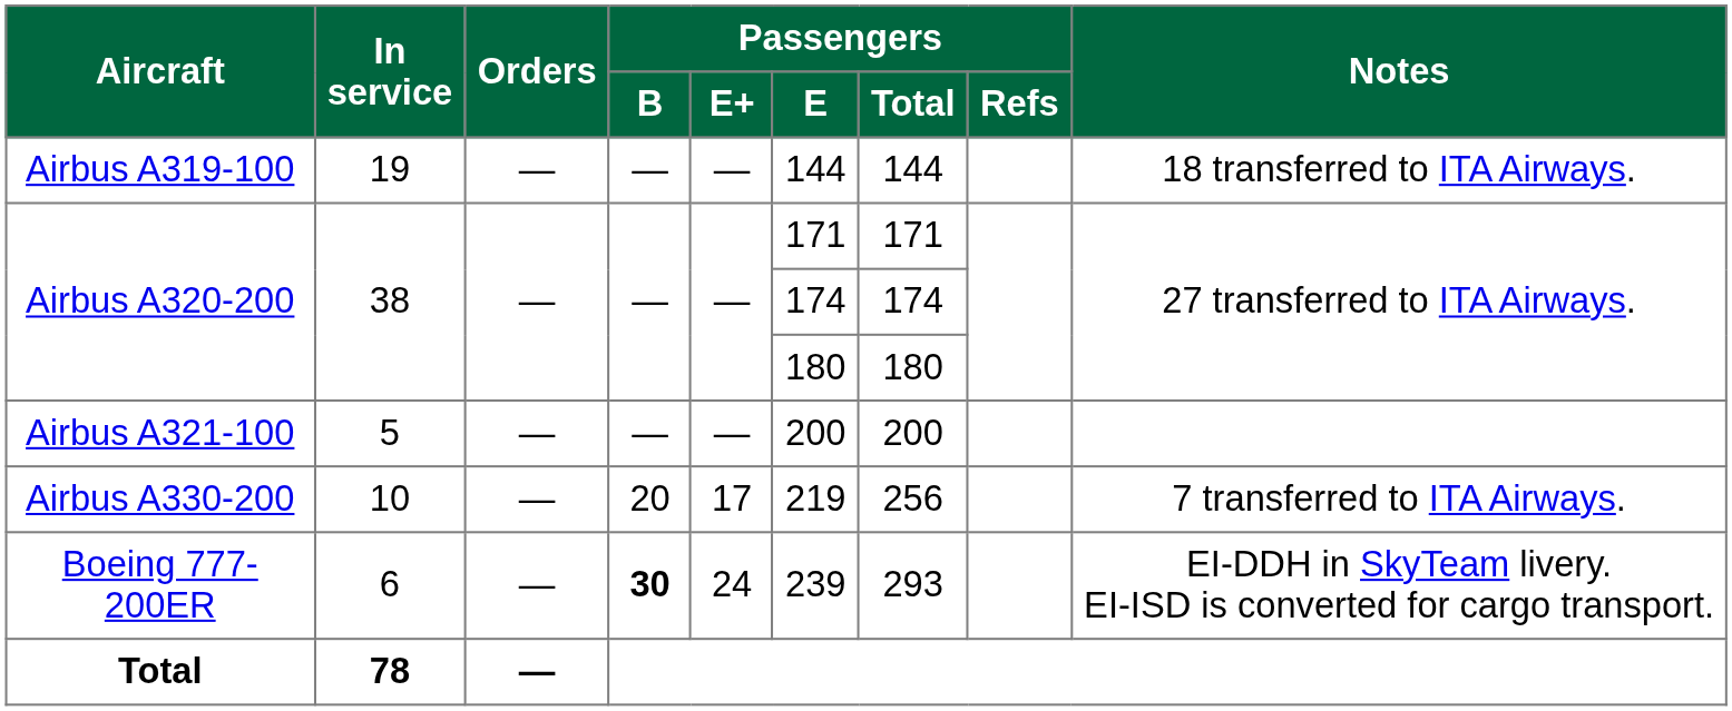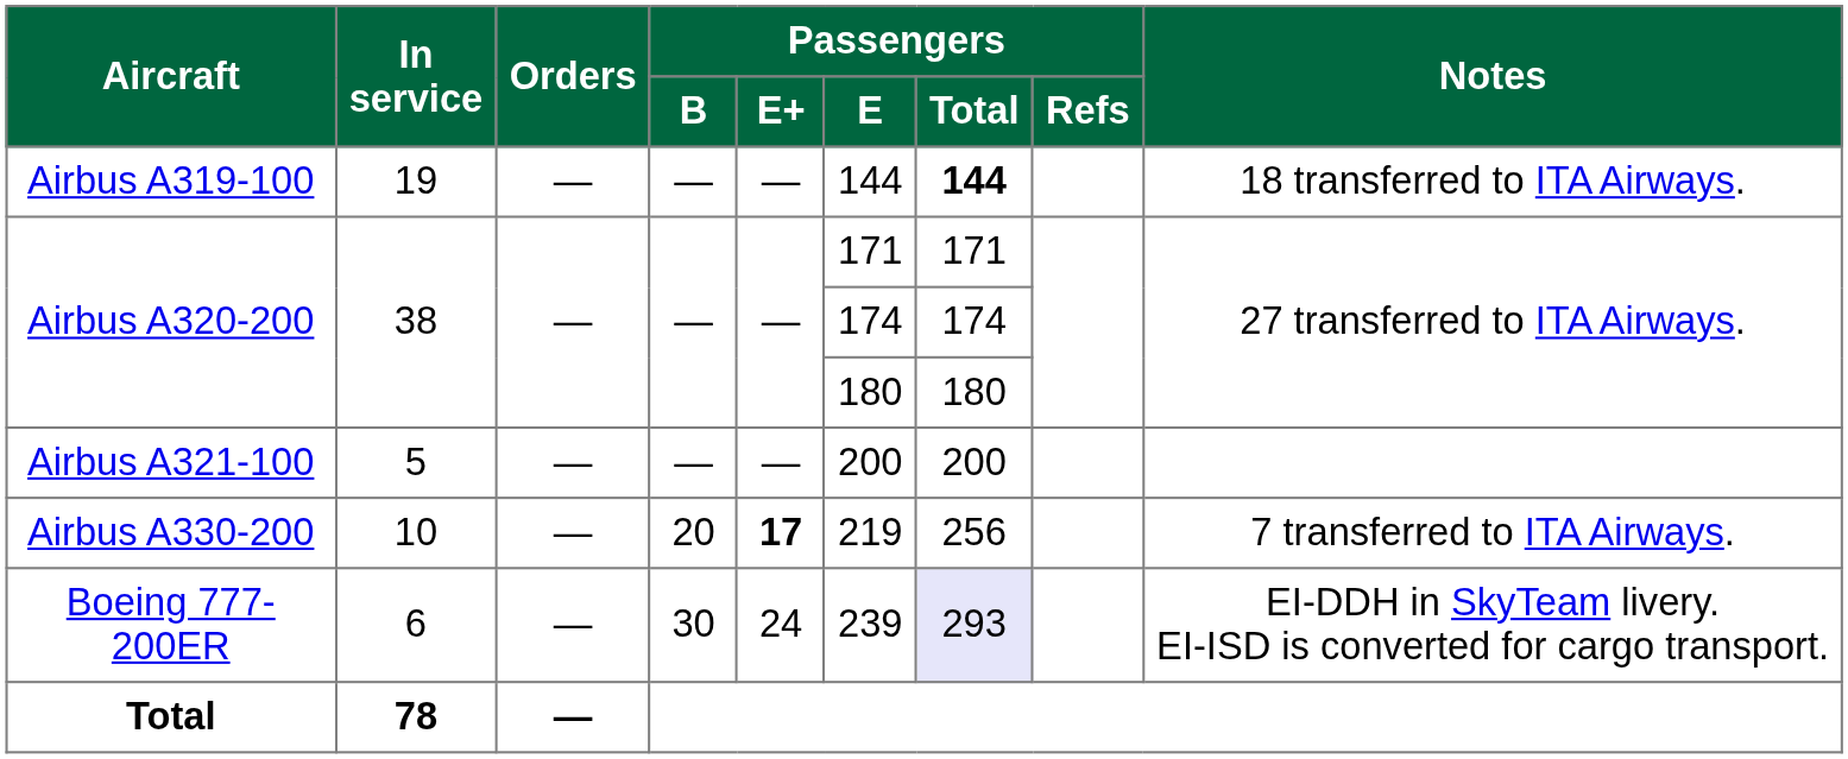 <table class="toccolours" border="1" cellpadding="5" style="border-collapse:collapse;text-align:center;margin:auto;">
 <tr style="background:#00663f;color:white;">
 <th rowspan="2" style="width:125px;">Aircraft</th>
 <th rowspan="2" style="width:50px;">In service</th>
 <th rowspan="2" style="width:50px;">Orders</th>
 <th colspan="5">Passengers</th>
 <th rowspan="2">Notes</th>
 </tr>
 <tr style="background:#00663f; color:white;">
 <th style="width:25px;"><abbr>B</abbr></th>
 <th style="width:25px;"><abbr>E+</abbr></th>
 <th style="width:25px;"><abbr>E</abbr></th>
 <th style="width:25px;">Total</th>
 <th style="width:25px;">Refs</th>
 </tr>
 <tr>
 <td><a href='#'>Airbus A319-100</a></td>
 <td>19</td>
 <td>—</td>
 <td>—</td>
 <td>—</td>
 <td>144</td>
-<td>144</td>
+<td><strong>144</strong></td>
 <td></td>
 <td>18 transferred to <a href='#'>ITA Airways</a>.</td>
 </tr>
 <tr>
 <td rowspan="3"><a href='#'>Airbus A320-200</a></td>
 <td rowspan="3">38</td>
 <td rowspan="3">—</td>
 <td rowspan="3">—</td>
 <td rowspan="3">—</td>
 <td>171</td>
 <td>171</td>
 <td rowspan="3"></td>
 <td rowspan="3">27 transferred to <a href='#'>ITA Airways</a>.</td>
 </tr>
 <tr>
 <td>174</td>
 <td>174</td>
 </tr>
 <tr>
 <td>180</td>
 <td>180</td>
 </tr>
 <tr>
 <td><a href='#'>Airbus A321-100</a></td>
 <td>5</td>
 <td>—</td>
 <td>—</td>
 <td>—</td>
 <td>200</td>
 <td>200</td>
 <td></td>
 <td></td>
 </tr>
 <tr>
 <td><a href='#'>Airbus A330-200</a></td>
 <td>10</td>
 <td>—</td>
 <td>20</td>
-<td>17</td>
+<td><strong>17</strong></td>
 <td>219</td>
 <td>256</td>
 <td></td>
 <td>7 transferred to <a href='#'>ITA Airways</a>.</td>
 </tr>
 <tr>
 <td><a href='#'>Boeing 777-200ER</a></td>
 <td>6</td>
 <td>—</td>
-<td><strong>30</strong></td>
+<td>30</td>
 <td>24</td>
 <td>239</td>
-<td>293</td>
+<td style="background: lavender;">293</td>
 <td></td>
 <td>EI-DDH in <a href='#'>SkyTeam</a> livery.<br>EI-ISD is converted for cargo transport.</td>
 </tr>
 <tr>
 <th>Total</th>
 <th>78</th>
 <th>—</th>
 <th colspan="6"></th>
 </tr>
 </table>
